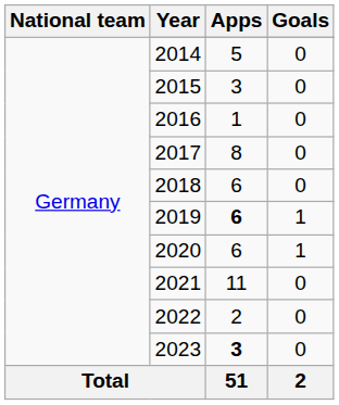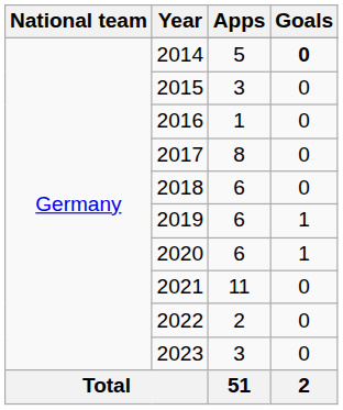 <table class="wikitable" style="text-align:center">
 <tr>
 <th>National team</th>
 <th>Year</th>
 <th>Apps</th>
 <th>Goals</th>
 </tr>
 <tr>
 <td rowspan="11"><a href='#'>Germany</a></td>
 </tr>
 <tr>
 <td>2014</td>
 <td>5</td>
-<td>0</td>
+<td><strong>0</strong></td>
 </tr>
 <tr>
 <td>2015</td>
 <td>3</td>
 <td>0</td>
 </tr>
 <tr>
 <td>2016</td>
 <td>1</td>
 <td>0</td>
 </tr>
 <tr>
 <td>2017</td>
 <td>8</td>
 <td>0</td>
 </tr>
 <tr>
 <td>2018</td>
 <td>6</td>
 <td>0</td>
 </tr>
 <tr>
 <td>2019</td>
-<td><strong>6</strong></td>
+<td>6</td>
 <td>1</td>
 </tr>
 <tr>
 <td>2020</td>
 <td>6</td>
 <td>1</td>
 </tr>
 <tr>
 <td>2021</td>
 <td>11</td>
 <td>0</td>
 </tr>
 <tr>
 <td>2022</td>
 <td>2</td>
 <td>0</td>
 </tr>
 <tr>
 <td>2023</td>
-<td><strong>3</strong></td>
+<td>3</td>
 <td>0</td>
 </tr>
 <tr>
 <th colspan="2">Total</th>
 <th>51</th>
 <th>2</th>
 </tr>
 </table>
